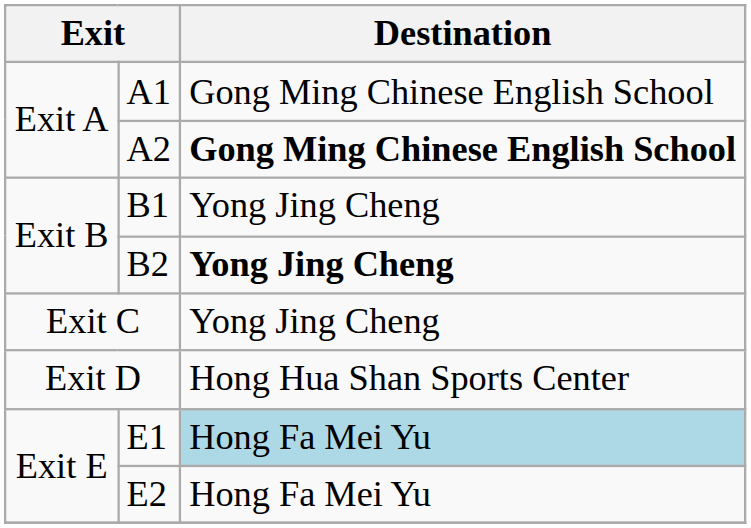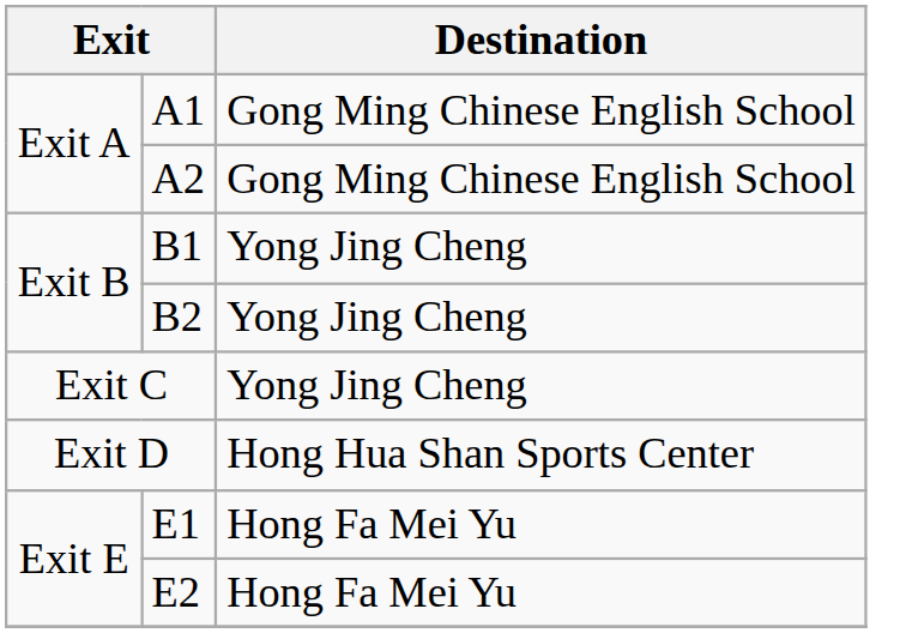 <table class="wikitable">
 <tr>
 <th style="width:70px" colspan="2">Exit</th>
 <th>Destination</th>
 </tr>
 <tr>
 <td align="center" rowspan="2">Exit A</td>
 <td>A1</td>
 <td>Gong Ming Chinese English School</td>
 </tr>
 <tr>
 <td>A2</td>
-<td><strong>Gong Ming Chinese English School</strong></td>
+<td>Gong Ming Chinese English School</td>
 </tr>
 <tr>
 <td align="center" rowspan="2">Exit B</td>
 <td>B1</td>
 <td>Yong Jing Cheng</td>
 </tr>
 <tr>
 <td>B2</td>
-<td><strong>Yong Jing Cheng</strong></td>
+<td>Yong Jing Cheng</td>
 </tr>
 <tr>
 <td align="center" colspan="2">Exit C</td>
 <td>Yong Jing Cheng</td>
 </tr>
 <tr>
 <td align="center" colspan="2">Exit D</td>
 <td>Hong Hua Shan Sports Center</td>
 </tr>
 <tr>
 <td align="center" rowspan="2">Exit E</td>
 <td>E1</td>
-<td style="background: lightblue;">Hong Fa Mei Yu</td>
+<td>Hong Fa Mei Yu</td>
 </tr>
 <tr>
 <td>E2</td>
 <td>Hong Fa Mei Yu</td>
 </tr>
 <tr>
 </tr>
 </table>
